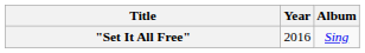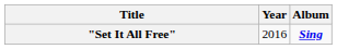 <table class="wikitable plainrowheaders" style="text-align:center;" border="1">
 <tr>
 <th scope="col" style="width:20em;">Title</th>
 <th scope="col">Year</th>
 <th scope="col">Album</th>
 </tr>
 <tr>
 <th scope="row">"Set It All Free"</th>
 <td>2016</td>
-<td><em><a href='#'>Sing</a></em></td>
+<td><strong><em><a href='#'>Sing</a></em></strong></td>
 </tr>
 </table>
